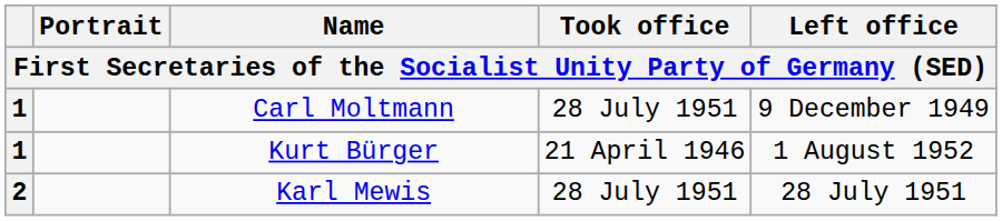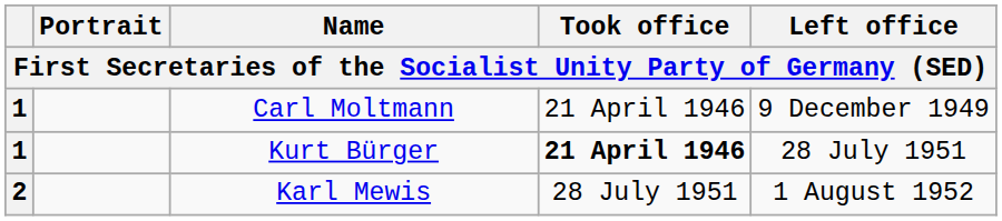 <table class="wikitable" style="text-align:center">
 <tr>
 <th></th>
 <th>Portrait</th>
 <th width=180>Name<br></th>
 <th>Took office</th>
 <th>Left office</th>
 </tr>
 <tr>
 <th colspan=5>First Secretaries of the <a href='#'>Socialist Unity Party of Germany</a> (SED)</th>
 </tr>
 <tr>
 <th style="background:">1</th>
 <td></td>
 <td><a href='#'>Carl Moltmann</a><br></td>
-<td>28 July 1951</td>
+<td>21 April 1946</td>
 <td>9 December 1949</td>
 </tr>
 <tr>
 <th style="background:">1</th>
 <td></td>
 <td><a href='#'>Kurt Bürger</a><br></td>
-<td>21 April 1946</td>
-<td>1 August 1952</td>
+<td><strong>21 April 1946</strong></td>
+<td>28 July 1951</td>
 </tr>
 <tr>
 <th style="background:">2</th>
 <td></td>
 <td><a href='#'>Karl Mewis</a><br></td>
 <td>28 July 1951</td>
-<td>28 July 1951</td>
+<td>1 August 1952</td>
 </tr>
 </table>
